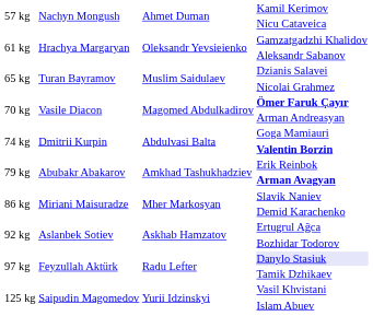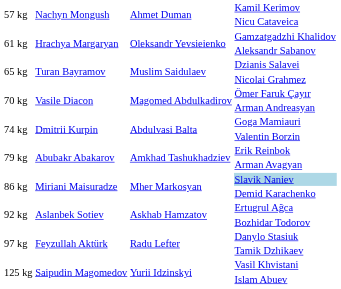 <table>
 <tr>
 <td rowspan=2>57 kg</td>
 <td rowspan=2> <a href='#'>Nachyn Mongush</a></td>
 <td rowspan=2> <a href='#'>Ahmet Duman</a></td>
 <td> <a href='#'>Kamil Kerimov</a></td>
 </tr>
 <tr>
 <td><a href='#'>Nicu Cataveica</a></td>
 </tr>
 <tr>
 <td rowspan=2>61 kg</td>
 <td rowspan=2> <a href='#'>Hrachya Margaryan</a></td>
 <td rowspan=2> <a href='#'>Oleksandr Yevsieienko</a></td>
 <td> <a href='#'>Gamzatgadzhi Khalidov</a></td>
 </tr>
 <tr>
 <td> <a href='#'>Aleksandr Sabanov</a></td>
 </tr>
 <tr>
 <td rowspan=2>65 kg</td>
 <td rowspan=2> <a href='#'>Turan Bayramov</a></td>
 <td rowspan=2> <a href='#'>Muslim Saidulaev</a></td>
 <td> <a href='#'>Dzianis Salavei</a></td>
 </tr>
 <tr>
 <td> <a href='#'>Nicolai Grahmez</a></td>
 </tr>
 <tr>
 <td rowspan=2>70 kg</td>
 <td rowspan=2> <a href='#'>Vasile Diacon</a></td>
 <td rowspan=2> <a href='#'>Magomed Abdulkadirov</a></td>
-<td><strong> <a href='#'>Ömer Faruk Çayır</a></strong></td>
+<td> <a href='#'>Ömer Faruk Çayır</a></td>
 </tr>
 <tr>
 <td> <a href='#'>Arman Andreasyan</a></td>
 </tr>
 <tr>
 <td rowspan=2>74 kg</td>
 <td rowspan=2> <a href='#'>Dmitrii Kurpin</a></td>
 <td rowspan=2> <a href='#'>Abdulvasi Balta</a></td>
 <td> <a href='#'>Goga Mamiauri</a></td>
 </tr>
 <tr>
-<td><strong> <a href='#'>Valentin Borzin</a></strong></td>
+<td> <a href='#'>Valentin Borzin</a></td>
 </tr>
 <tr>
 <td rowspan=2>79 kg</td>
 <td rowspan=2> <a href='#'>Abubakr Abakarov</a></td>
 <td rowspan=2> <a href='#'>Amkhad Tashukhadziev</a></td>
 <td> <a href='#'>Erik Reinbok</a></td>
 </tr>
 <tr>
-<td><strong> <a href='#'>Arman Avagyan</a></strong></td>
+<td> <a href='#'>Arman Avagyan</a></td>
 </tr>
 <tr>
 <td rowspan=2>86 kg</td>
 <td rowspan=2> <a href='#'>Miriani Maisuradze</a></td>
 <td rowspan=2> <a href='#'>Mher Markosyan</a></td>
-<td> <a href='#'>Slavik Naniev</a></td>
+<td style="background: lightblue;"> <a href='#'>Slavik Naniev</a></td>
 </tr>
 <tr>
 <td> <a href='#'>Demid Karachenko</a></td>
 </tr>
 <tr>
 <td rowspan=2>92 kg</td>
 <td rowspan=2> <a href='#'>Aslanbek Sotiev</a></td>
 <td rowspan=2> <a href='#'>Askhab Hamzatov</a></td>
 <td> <a href='#'>Ertugrul Ağca</a></td>
 </tr>
 <tr>
 <td> <a href='#'>Bozhidar Todorov</a></td>
 </tr>
 <tr>
 <td rowspan=2>97 kg</td>
 <td rowspan=2> <a href='#'>Feyzullah Aktürk</a></td>
 <td rowspan=2> <a href='#'>Radu Lefter</a></td>
-<td style="background: lavender;"> <a href='#'>Danylo Stasiuk</a></td>
+<td> <a href='#'>Danylo Stasiuk</a></td>
 </tr>
 <tr>
 <td> <a href='#'>Tamik Dzhikaev</a></td>
 </tr>
 <tr>
 <td rowspan=2>125 kg</td>
 <td rowspan=2> <a href='#'>Saipudin Magomedov</a></td>
 <td rowspan=2> <a href='#'>Yurii Idzinskyi</a></td>
 <td> <a href='#'>Vasil Khvistani</a></td>
 </tr>
 <tr>
 <td> <a href='#'>Islam Abuev</a></td>
 </tr>
 </table>
